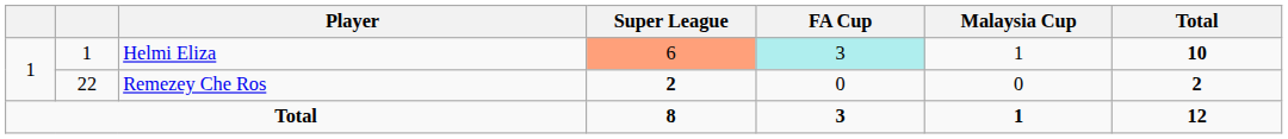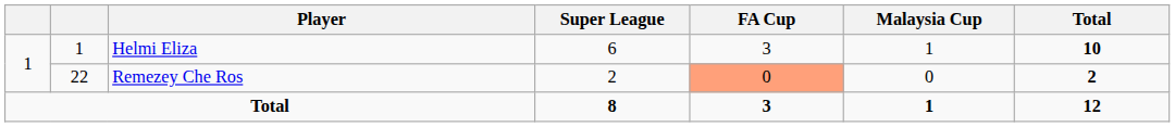 <table class="wikitable" style="text-align:center; font-size:90%; width:75%;">
 <tr>
 <th width=10></th>
 <th width=10></th>
 <th width=150>Player</th>
 <th width=50>Super League</th>
 <th width=50>FA Cup</th>
 <th width=50>Malaysia Cup</th>
 <th width=50>Total</th>
 </tr>
 <tr>
 <td rowspan="2">1</td>
 <td>1</td>
 <td align=left> <a href='#'>Helmi Eliza</a></td>
-<td style="background: lightsalmon;">6</td>
-<td style="background: paleturquoise;">3</td>
+<td>6</td>
+<td>3</td>
 <td>1</td>
 <td><strong>10</strong></td>
 </tr>
 <tr>
 <td>22</td>
 <td align=left> <a href='#'>Remezey Che Ros</a></td>
-<td><strong>2</strong></td>
-<td>0</td>
+<td>2</td>
+<td style="background: lightsalmon;">0</td>
 <td>0</td>
 <td><strong>2</strong></td>
 </tr>
 <tr class="sortbottom">
 <td colspan=3><strong>Total</strong></td>
 <td><strong>8</strong></td>
 <td><strong>3</strong></td>
 <td><strong>1</strong></td>
 <td><strong>12</strong></td>
 </tr>
 </table>
